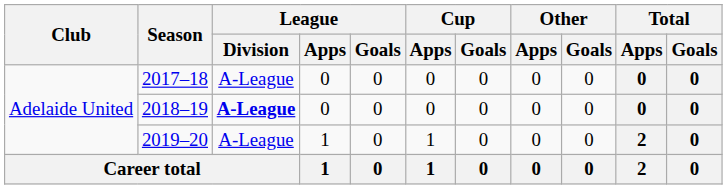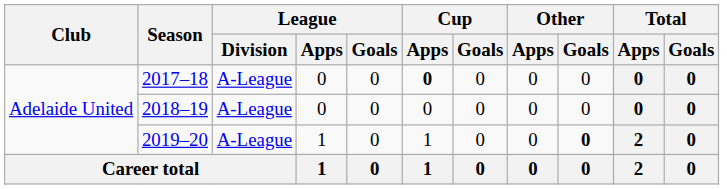 <table class="wikitable" style="text-align:center">
 <tr>
 <th rowspan=2>Club</th>
 <th rowspan=2>Season</th>
 <th colspan=3>League</th>
 <th colspan=2>Cup</th>
 <th colspan=2>Other</th>
 <th colspan=2>Total</th>
 </tr>
 <tr>
 <th>Division</th>
 <th>Apps</th>
 <th>Goals</th>
 <th>Apps</th>
 <th>Goals</th>
 <th>Apps</th>
 <th>Goals</th>
 <th>Apps</th>
 <th>Goals</th>
 </tr>
 <tr>
 <td rowspan="3"><a href='#'>Adelaide United</a></td>
 <td><a href='#'>2017–18</a></td>
 <td><a href='#'>A-League</a></td>
 <td>0</td>
 <td>0</td>
-<td>0</td>
+<td><strong>0</strong></td>
 <td>0</td>
 <td>0</td>
 <td>0</td>
 <th>0</th>
 <th>0</th>
 </tr>
 <tr>
 <td><a href='#'>2018–19</a></td>
-<td><strong><a href='#'>A-League</a></strong></td>
+<td><a href='#'>A-League</a></td>
 <td>0</td>
 <td>0</td>
 <td>0</td>
 <td>0</td>
 <td>0</td>
 <td>0</td>
 <th>0</th>
 <th>0</th>
 </tr>
 <tr>
 <td><a href='#'>2019–20</a></td>
 <td><a href='#'>A-League</a></td>
 <td>1</td>
 <td>0</td>
 <td>1</td>
 <td>0</td>
 <td>0</td>
-<td>0</td>
+<td><strong>0</strong></td>
 <th>2</th>
 <th>0</th>
 </tr>
 <tr>
 <th colspan="3">Career total</th>
 <th>1</th>
 <th>0</th>
 <th>1</th>
 <th>0</th>
 <th>0</th>
 <th>0</th>
 <th>2</th>
 <th>0</th>
 </tr>
 </table>
